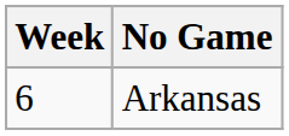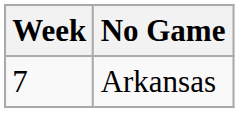 <table class="wikitable" style="font-size:95%">
 <tr>
 <th>Week</th>
 <th colspan="10">No Game</th>
 </tr>
 <tr>
-<td>6</td>
+<td>7</td>
 <td>Arkansas</td>
 </tr>
 </table>
